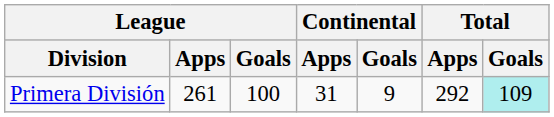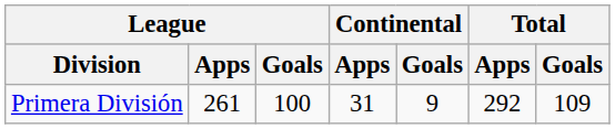 <table class="wikitable" style="text-align:center">
 <tr>
 <th colspan="3">League</th>
 <th colspan="2">Continental</th>
 <th colspan="2">Total</th>
 </tr>
 <tr>
 <th>Division</th>
 <th>Apps</th>
 <th>Goals</th>
 <th>Apps</th>
 <th>Goals</th>
 <th>Apps</th>
 <th>Goals</th>
 </tr>
 <tr>
 <td><a href='#'>Primera División</a></td>
 <td>261</td>
 <td>100</td>
 <td>31</td>
 <td>9</td>
 <td>292</td>
-<td style="background: paleturquoise;">109</td>
+<td>109</td>
 </tr>
 </table>
